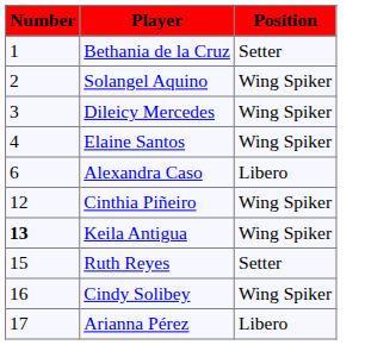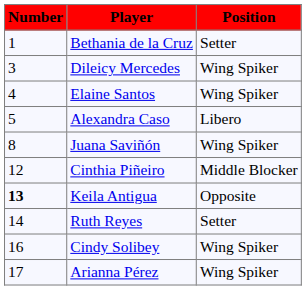 <table bgcolor="#f7f8ff" cellpadding="3" cellspacing="0" border="1" style="font-size: 95%; border: gray solid 1px; border-collapse: collapse">
 <tr bgcolor="#ff0000">
 <td align=center><strong>Number</strong></td>
 <td align=center><strong>Player</strong></td>
 <td align=center><strong>Position</strong></td>
 </tr>
 <tr align="left">
 <td>1</td>
 <td> <a href='#'>Bethania de la Cruz</a></td>
 <td>Setter</td>
-</tr>
-<tr align=left>
-<td>2</td>
-<td> <a href='#'>Solangel Aquino</a></td>
-<td>Wing Spiker</td>
 </tr>
 <tr align="left">
 <td>3</td>
 <td> <a href='#'>Dileicy Mercedes</a></td>
 <td>Wing Spiker</td>
 </tr>
 <tr align="left">
 <td>4</td>
 <td> <a href='#'>Elaine Santos</a></td>
 <td>Wing Spiker</td>
 </tr>
 <tr align="left">
-<td>6</td>
+<td>5</td>
 <td> <a href='#'>Alexandra Caso</a></td>
 <td>Libero</td>
 </tr>
 <tr align="left">
+<td>8</td>
+<td> <a href='#'>Juana Saviñón</a></td>
+<td>Wing Spiker</td>
+</tr>
+<tr align="left">
 <td>12</td>
 <td> <a href='#'>Cinthia Piñeiro</a></td>
-<td>Wing Spiker</td>
+<td>Middle Blocker</td>
 </tr>
 <tr align="left">
 <td><strong>13</strong></td>
 <td> <a href='#'>Keila Antigua</a></td>
-<td>Wing Spiker</td>
+<td>Opposite</td>
 </tr>
 <tr align="left">
-<td>15</td>
+<td>14</td>
 <td> <a href='#'>Ruth Reyes</a></td>
 <td>Setter</td>
 </tr>
 <tr align="left">
 <td>16</td>
 <td> <a href='#'>Cindy Solibey</a></td>
 <td>Wing Spiker</td>
 </tr>
 <tr align="left">
 <td>17</td>
 <td> <a href='#'>Arianna Pérez</a></td>
-<td>Libero</td>
+<td>Wing Spiker</td>
 </tr>
 </table>
